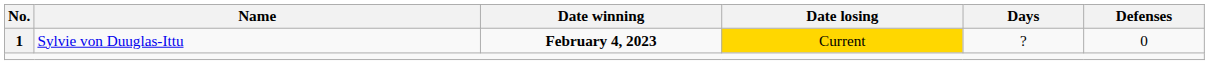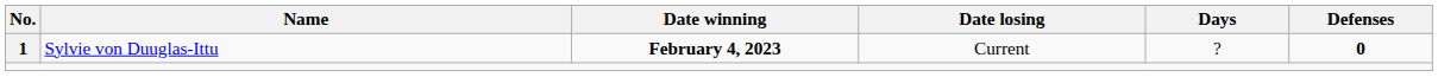 <table class="wikitable" width=100%>
 <tr>
 <th style="width:1%;">No.</th>
 <th style="width:37%;">Name</th>
 <th style="width:20%;">Date winning</th>
 <th style="width:20%;">Date losing</th>
 <th data-sort-type="number" style="width:10%;">Days</th>
 <th data-sort-type="number" style="width:10%;">Defenses</th>
 </tr>
 <tr align=center>
 <th>1</th>
 <td align=left> <a href='#'>Sylvie von Duuglas-Ittu</a></td>
 <td><strong>February 4, 2023</strong></td>
-<td style="background: gold;">Current</td>
+<td>Current</td>
 <td>?</td>
-<td>0</td>
+<td><strong>0</strong></td>
 </tr>
 <tr>
 <td colspan="6"></td>
 </tr>
 </table>
